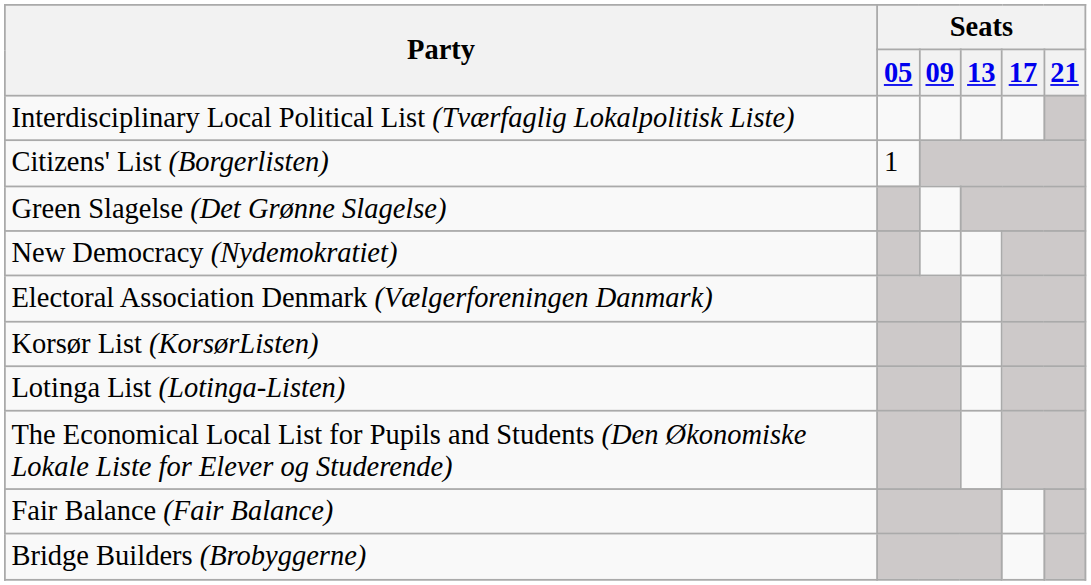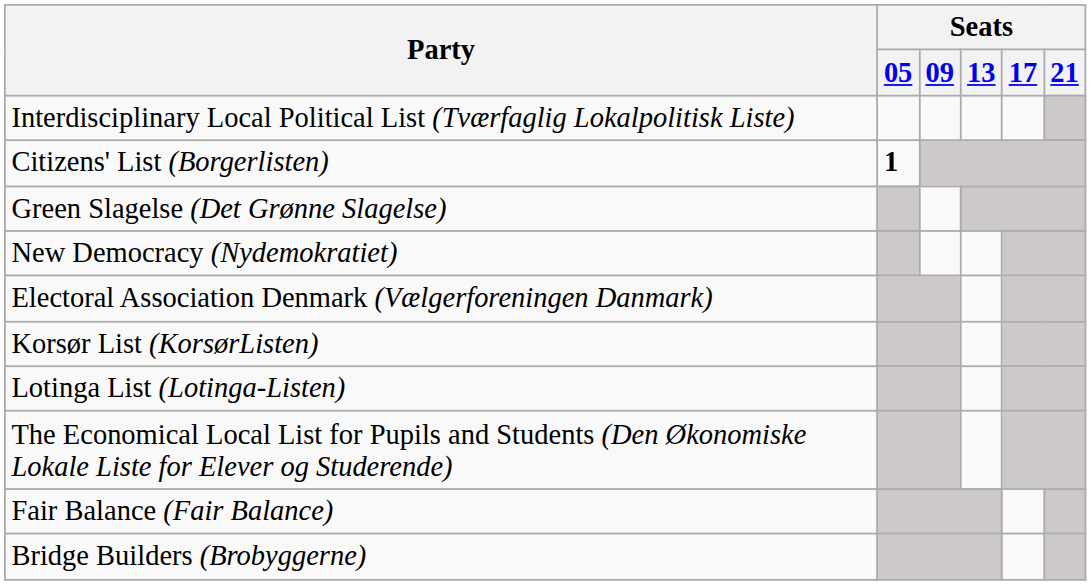 <table class="wikitable">
 <tr>
 <th rowspan=2>Party</th>
 <th colspan=11>Seats</th>
 </tr>
 <tr>
 <th><a href='#'>05</a></th>
 <th><a href='#'>09</a></th>
 <th><a href='#'>13</a></th>
 <th><a href='#'>17</a></th>
 <th><a href='#'>21</a></th>
 </tr>
 <tr>
 <td>Interdisciplinary Local Political List <em>(Tværfaglig Lokalpolitisk Liste)</em></td>
 <td></td>
 <td></td>
 <td></td>
 <td></td>
 <td style="background:#CDC9C9;"></td>
 </tr>
 <tr>
 <td>Citizens' List <em>(Borgerlisten)</em></td>
-<td>1</td>
+<td><strong>1</strong></td>
 <td style="background:#CDC9C9;" colspan=4></td>
 </tr>
 <tr>
 <td>Green Slagelse <em>(Det Grønne Slagelse)</em></td>
 <td style="background:#CDC9C9;"></td>
 <td></td>
 <td style="background:#CDC9C9;" colspan=3></td>
 </tr>
 <tr>
 <td>New Democracy <em>(Nydemokratiet)</em></td>
 <td style="background:#CDC9C9;"></td>
 <td></td>
 <td></td>
 <td style="background:#CDC9C9;" colspan=2></td>
 </tr>
 <tr>
 <td>Electoral Association Denmark <em>(Vælgerforeningen Danmark)</em></td>
 <td style="background:#CDC9C9;" colspan=2></td>
 <td></td>
 <td style="background:#CDC9C9;" colspan=2></td>
 </tr>
 <tr>
 <td>Korsør List <em>(KorsørListen)</em></td>
 <td style="background:#CDC9C9;" colspan=2></td>
 <td></td>
 <td style="background:#CDC9C9;" colspan=2></td>
 </tr>
 <tr>
 <td>Lotinga List <em>(Lotinga-Listen)</em></td>
 <td style="background:#CDC9C9;" colspan=2></td>
 <td></td>
 <td style="background:#CDC9C9;" colspan=2></td>
 </tr>
 <tr>
 <td>The Economical Local List for Pupils and Students <em>(Den Økonomiske Lokale Liste for Elever og Studerende)</em></td>
 <td style="background:#CDC9C9;" colspan=2></td>
 <td></td>
 <td style="background:#CDC9C9;" colspan=2></td>
 </tr>
 <tr>
 <td>Fair Balance <em>(Fair Balance)</em></td>
 <td style="background:#CDC9C9;" colspan=3></td>
 <td></td>
 <td style="background:#CDC9C9;"></td>
 </tr>
 <tr>
 <td>Bridge Builders <em>(Brobyggerne)</em></td>
 <td style="background:#CDC9C9;" colspan=3></td>
 <td></td>
 <td style="background:#CDC9C9;"></td>
 </tr>
 </table>
